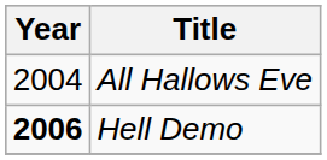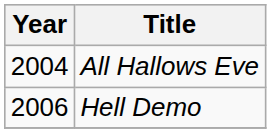 <table class ="wikitable">
 <tr>
 <th>Year</th>
 <th>Title</th>
 </tr>
 <tr>
 <td>2004</td>
 <td><em>All Hallows Eve</em></td>
 </tr>
 <tr>
-<td><strong>2006</strong></td>
+<td>2006</td>
 <td><em>Hell Demo</em></td>
 </tr>
 <tr>
 </tr>
 </table>
